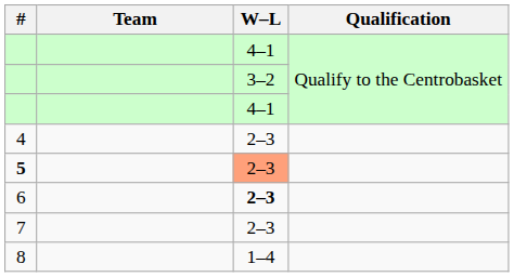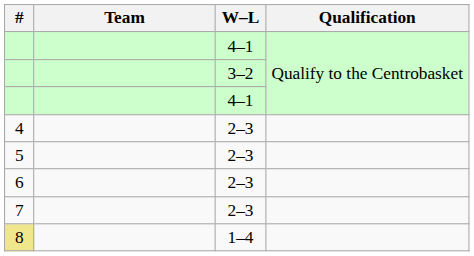 <table class=wikitable style="text-align:center;">
 <tr>
 <th width=20px>#</th>
 <th width=160px>Team</th>
 <th width=40px>W–L</th>
 <th width=180px>Qualification</th>
 </tr>
 <tr bgcolor=#CCFFCC>
 <td></td>
 <td align=left></td>
 <td>4–1</td>
 <td rowspan=3>Qualify to the Centrobasket</td>
 </tr>
 <tr bgcolor=#CCFFCC>
 <td></td>
 <td align=left></td>
 <td>3–2</td>
 </tr>
 <tr bgcolor=#CCFFCC>
 <td></td>
 <td align=left></td>
 <td>4–1</td>
 </tr>
 <tr>
 <td>4</td>
 <td align=left></td>
 <td>2–3</td>
 <td></td>
 </tr>
 <tr>
-<td><strong>5</strong></td>
+<td>5</td>
 <td align=left></td>
-<td style="background: lightsalmon;">2–3</td>
+<td>2–3</td>
 <td></td>
 </tr>
 <tr>
 <td>6</td>
 <td align=left></td>
-<td><strong>2–3</strong></td>
+<td>2–3</td>
 <td></td>
 </tr>
 <tr>
 <td>7</td>
 <td align=left></td>
 <td>2–3</td>
 <td></td>
 </tr>
 <tr>
-<td>8</td>
+<td style="background: khaki;">8</td>
 <td align=left></td>
 <td>1–4</td>
 <td></td>
 </tr>
 </table>
